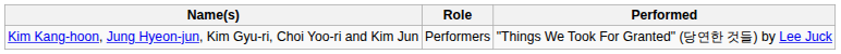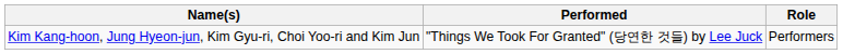 <table class="wikitable sortable">
 <tr>
 <th>Name(s)</th>
+<th>Performed</th>
 <th>Role</th>
-<th>Performed</th>
 </tr>
 <tr>
 <td><a href='#'>Kim Kang-hoon</a>, <a href='#'>Jung Hyeon-jun</a>, Kim Gyu-ri, Choi Yoo-ri and Kim Jun</td>
+<td>"Things We Took For Granted" (당연한 것들) by <a href='#'>Lee Juck</a></td>
 <td>Performers</td>
-<td>"Things We Took For Granted" (당연한 것들) by <a href='#'>Lee Juck</a></td>
 </tr>
 </table>
